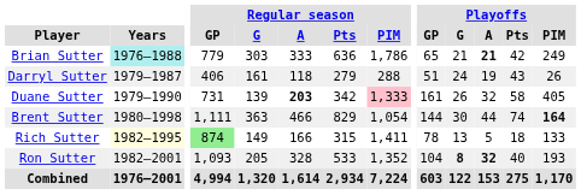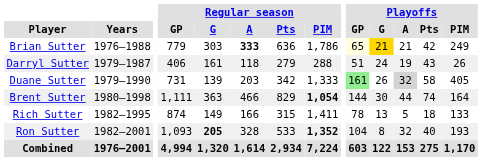 <table border="0" cellpadding="3" cellspacing="0" style="text-align:center;">
 <tr bgcolor="#e0e0e0">
 <th colspan="2" bgcolor="#ffffff"></th>
 <th rowspan="99" bgcolor="#ffffff"></th>
 <th colspan="5"><a href='#'>Regular season</a></th>
 <th rowspan="99" bgcolor="#ffffff"></th>
 <th colspan="5"><a href='#'>Playoffs</a></th>
 </tr>
 <tr bgcolor="#e0e0e0">
 <th>Player</th>
 <th>Years</th>
 <th>GP</th>
 <th><a href='#'>G</a></th>
 <th><a href='#'>A</a></th>
 <th><a href='#'>Pts</a></th>
 <th><a href='#'>PIM</a></th>
 <th>GP</th>
 <th>G</th>
 <th>A</th>
 <th>Pts</th>
 <th>PIM</th>
 </tr>
 <tr>
 <td><a href='#'>Brian Sutter</a></td>
-<td style="background: paleturquoise;">1976–1988</td>
+<td>1976–1988</td>
 <td>779</td>
 <td>303</td>
-<td>333</td>
+<td><strong>333</strong></td>
 <td>636</td>
 <td>1,786</td>
-<td>65</td>
+<td style="background: lightyellow;">65</td>
+<td style="background: gold;">21</td>
 <td>21</td>
-<td><strong>21</strong></td>
 <td>42</td>
 <td>249</td>
 </tr>
 <tr bgcolor="#f0f0f0">
 <td><a href='#'>Darryl Sutter</a></td>
 <td>1979–1987</td>
 <td>406</td>
 <td>161</td>
 <td>118</td>
 <td>279</td>
 <td>288</td>
 <td>51</td>
 <td>24</td>
 <td>19</td>
 <td>43</td>
 <td>26</td>
 </tr>
 <tr>
 <td><a href='#'>Duane Sutter</a></td>
 <td>1979–1990</td>
 <td>731</td>
 <td>139</td>
-<td><strong>203</strong></td>
+<td>203</td>
 <td>342</td>
-<td style="background: pink;">1,333</td>
-<td>161</td>
+<td>1,333</td>
+<td style="background: lightgreen;">161</td>
 <td>26</td>
-<td>32</td>
+<td style="background: lightgrey;">32</td>
 <td>58</td>
 <td>405</td>
 </tr>
 <tr bgcolor="#f0f0f0">
 <td><a href='#'>Brent Sutter</a></td>
 <td>1980–1998</td>
 <td>1,111</td>
 <td>363</td>
 <td>466</td>
 <td>829</td>
-<td>1,054</td>
+<td><strong>1,054</strong></td>
 <td>144</td>
 <td>30</td>
 <td>44</td>
 <td>74</td>
-<td><strong>164</strong></td>
+<td>164</td>
 </tr>
 <tr>
 <td><a href='#'>Rich Sutter</a></td>
-<td style="background: lightyellow;">1982–1995</td>
-<td style="background: lightgreen;">874</td>
+<td>1982–1995</td>
+<td>874</td>
 <td>149</td>
 <td>166</td>
 <td>315</td>
 <td>1,411</td>
 <td>78</td>
 <td>13</td>
 <td>5</td>
 <td>18</td>
 <td>133</td>
 </tr>
 <tr bgcolor="#f0f0f0">
 <td><a href='#'>Ron Sutter</a></td>
 <td>1982–2001</td>
 <td>1,093</td>
-<td>205</td>
+<td><strong>205</strong></td>
 <td>328</td>
 <td>533</td>
-<td>1,352</td>
+<td><strong>1,352</strong></td>
 <td>104</td>
-<td><strong>8</strong></td>
-<td><strong>32</strong></td>
+<td>8</td>
+<td>32</td>
 <td>40</td>
 <td>193</td>
 </tr>
 <tr bgcolor="#e0e0e0">
 <th>Combined</th>
 <th>1976–2001</th>
 <th>4,994</th>
 <th>1,320</th>
 <th>1,614</th>
 <th>2,934</th>
 <th>7,224</th>
 <th>603</th>
 <th>122</th>
 <th>153</th>
 <th>275</th>
 <th>1,170</th>
 </tr>
 </table>
